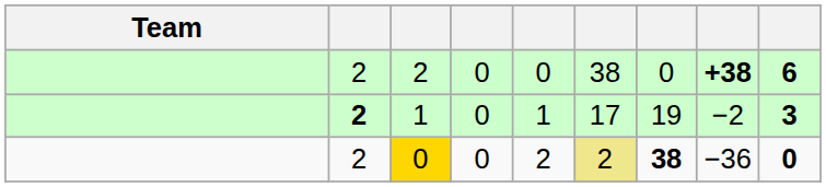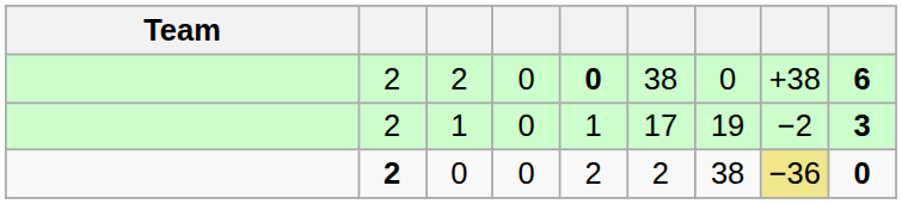 <table class="wikitable" style="text-align: center; font-size:90% ">
 <tr>
 <th width=160>Team</th>
 <th width=25></th>
 <th width=25></th>
 <th width=25></th>
 <th width=25></th>
 <th width=25></th>
 <th width=25></th>
 <th width=25></th>
 <th width=25></th>
 </tr>
 <tr bgcolor="ccffcc">
 <td align=left></td>
 <td>2</td>
 <td>2</td>
 <td>0</td>
-<td>0</td>
+<td><strong>0</strong></td>
 <td>38</td>
 <td>0</td>
-<td><strong>+38</strong></td>
+<td>+38</td>
 <td><strong>6</strong></td>
 </tr>
 <tr bgcolor="ccffcc">
 <td align=left></td>
-<td><strong>2</strong></td>
+<td>2</td>
 <td>1</td>
 <td>0</td>
 <td>1</td>
 <td>17</td>
 <td>19</td>
 <td>−2</td>
 <td><strong>3</strong></td>
 </tr>
 <tr>
 <td align=left></td>
-<td>2</td>
-<td style="background: gold;">0</td>
+<td><strong>2</strong></td>
+<td>0</td>
 <td>0</td>
 <td>2</td>
-<td style="background: khaki;">2</td>
-<td><strong>38</strong></td>
-<td>−36</td>
+<td>2</td>
+<td>38</td>
+<td style="background: khaki;">−36</td>
 <td><strong>0</strong></td>
 </tr>
 </table>
